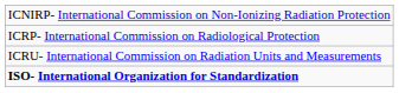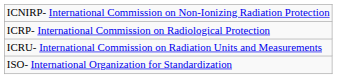 <table class="wikitable">
 <tr>
 <td>ICNIRP- <a href='#'>International Commission on Non-Ionizing Radiation Protection</a></td>
 </tr>
 <tr>
 <td>ICRP- <a href='#'>International Commission on Radiological Protection</a></td>
 </tr>
 <tr>
 <td>ICRU- <a href='#'>International Commission on Radiation Units and Measurements</a></td>
 </tr>
 <tr>
-<td><strong>ISO- <a href='#'>International Organization for Standardization</a></strong></td>
+<td>ISO- <a href='#'>International Organization for Standardization</a></td>
 </tr>
 </table>
